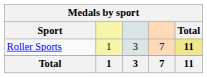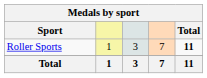 <table class="wikitable" style="font-size:90%; text-align:center;">
 <tr>
 <th colspan=5>Medals by sport</th>
 </tr>
 <tr>
 <th width=120>Sport</th>
 <th scope="col" width=30 style="background:#F7F6A8;"></th>
 <th scope="col" width=30 style="background:#DCE5E5;"></th>
 <th scope="col" width=30 style="background:#FFDAB9;"></th>
 <th width=30>Total</th>
 </tr>
 <tr>
 <td align=left><a href='#'>Roller Sports</a></td>
 <td style="background:#F7F6A8;">1</td>
 <td style="background:#DCE5E5;">3</td>
 <td style="background:#FFDAB9;">7</td>
-<td style="background: khaki;"><strong>11</strong></td>
+<td><strong>11</strong></td>
 </tr>
 <tr>
 </tr>
 <tr class="sortbottom">
 <th>Total</th>
 <th>1</th>
 <th>3</th>
 <th>7</th>
 <th>11</th>
 </tr>
 </table>
